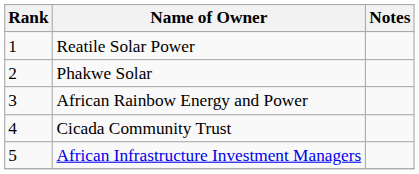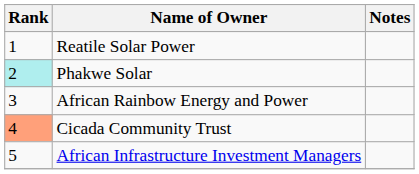 <table class="wikitable sortable" style="margin: 0.5em auto">
 <tr>
 <th>Rank</th>
 <th>Name of Owner</th>
 <th>Notes</th>
 </tr>
 <tr>
 <td>1</td>
 <td>Reatile Solar Power</td>
 <td></td>
 </tr>
 <tr>
-<td>2</td>
+<td style="background: paleturquoise;">2</td>
 <td>Phakwe Solar</td>
 <td></td>
 </tr>
 <tr>
 <td>3</td>
 <td>African Rainbow Energy and Power</td>
 <td></td>
 </tr>
 <tr>
-<td>4</td>
+<td style="background: lightsalmon;">4</td>
 <td>Cicada Community Trust</td>
 <td></td>
 </tr>
 <tr>
 <td>5</td>
 <td><a href='#'>African Infrastructure Investment Managers</a></td>
 <td></td>
 </tr>
 <tr>
 </tr>
 </table>
